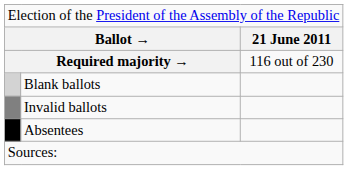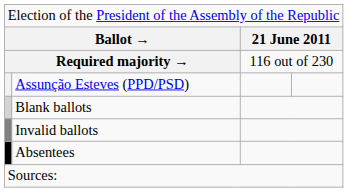 <table class="wikitable" style="text-align:center;">
 <tr>
 <td colspan="4" align="center">Election of the <a href='#'>President of the Assembly of the Republic</a></td>
 </tr>
 <tr>
 <th colspan="2" width="225px">Ballot →</th>
 <th colspan="2">21 June 2011</th>
 </tr>
 <tr>
 <th colspan="2">Required majority →</th>
 <td colspan="2">116 out of 230</td>
+</tr>
+<tr>
+<th width="1px" style="background:"></th>
+<td align="left"><a href='#'>Assunção Esteves</a> (<a href='#'>PPD/PSD</a>)</td>
+<td></td>
+<td></td>
 </tr>
 <tr>
 <th style="background:lightgray;"></th>
 <td align="left">Blank ballots</td>
 <td colspan="2"></td>
 </tr>
 <tr>
 <th style="background:gray;"></th>
 <td align="left">Invalid ballots</td>
 <td colspan="2"></td>
 </tr>
 <tr>
 <th style="background:black;"></th>
 <td align="left">Absentees</td>
 <td colspan="2"></td>
 </tr>
 <tr>
 <td align="left" colspan="4">Sources: </td>
 </tr>
 </table>
